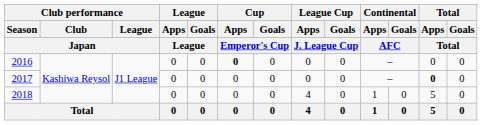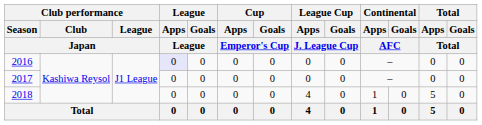 <table class="wikitable" style="text-align:center;">
 <tr>
 <th colspan=3>Club performance</th>
 <th colspan=2>League</th>
 <th colspan=2>Cup</th>
 <th colspan=2>League Cup</th>
 <th colspan=2>Continental</th>
 <th colspan=2>Total</th>
 </tr>
 <tr>
 <th>Season</th>
 <th>Club</th>
 <th>League</th>
 <th>Apps</th>
 <th>Goals</th>
 <th>Apps</th>
 <th>Goals</th>
 <th>Apps</th>
 <th>Goals</th>
 <th>Apps</th>
 <th>Goals</th>
 <th>Apps</th>
 <th>Goals</th>
 </tr>
 <tr>
 <th colspan=3>Japan</th>
 <th colspan=2>League</th>
 <th colspan=2><a href='#'>Emperor's Cup</a></th>
 <th colspan=2><a href='#'>J. League Cup</a></th>
 <th colspan=2><a href='#'>AFC</a></th>
 <th colspan=2>Total</th>
 </tr>
 <tr>
 <td><a href='#'>2016</a></td>
 <td rowspan="3"><a href='#'>Kashiwa Reysol</a></td>
 <td rowspan="3"><a href='#'>J1 League</a></td>
+<td style="background: lavender;">0</td>
 <td>0</td>
 <td>0</td>
-<td><strong>0</strong></td>
 <td>0</td>
 <td>0</td>
 <td>0</td>
 <td colspan="2">–</td>
 <td>0</td>
 <td>0</td>
 </tr>
 <tr>
 <td><a href='#'>2017</a></td>
 <td>0</td>
 <td>0</td>
 <td>0</td>
 <td>0</td>
 <td>0</td>
 <td>0</td>
 <td colspan="2">–</td>
-<td><strong>0</strong></td>
+<td>0</td>
 <td>0</td>
 </tr>
 <tr>
 <td><a href='#'>2018</a></td>
 <td>0</td>
 <td>0</td>
 <td>0</td>
 <td>0</td>
 <td>4</td>
 <td>0</td>
 <td>1</td>
 <td>0</td>
 <td>5</td>
 <td>0</td>
 </tr>
 <tr>
 <th colspan=3>Total</th>
 <th>0</th>
 <th>0</th>
 <th>0</th>
 <th>0</th>
 <th>4</th>
 <th>0</th>
 <th>1</th>
 <th>0</th>
 <th>5</th>
 <th>0</th>
 </tr>
 </table>
